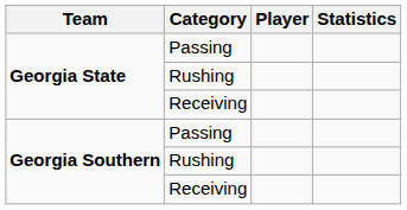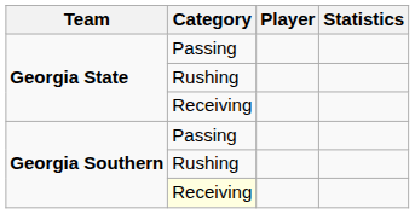 <table class="wikitable" style="float: right;">
 <tr>
 <th>Team</th>
 <th>Category</th>
 <th>Player</th>
 <th>Statistics</th>
 </tr>
 <tr>
 <td rowspan=3><strong>Georgia State</strong></td>
 <td>Passing</td>
 <td></td>
 <td></td>
 </tr>
 <tr>
 <td>Rushing</td>
 <td></td>
 <td></td>
 </tr>
 <tr>
 <td>Receiving</td>
 <td></td>
 <td></td>
 </tr>
 <tr>
 <td rowspan=3><strong>Georgia Southern</strong></td>
 <td>Passing</td>
 <td></td>
 <td></td>
 </tr>
 <tr>
 <td>Rushing</td>
 <td></td>
 <td></td>
 </tr>
 <tr>
-<td>Receiving</td>
+<td style="background: lightyellow;">Receiving</td>
 <td></td>
 <td></td>
 </tr>
 </table>
